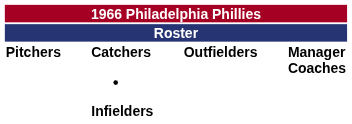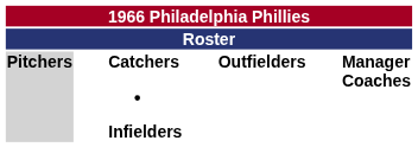 <table class="toccolours" style="font-size: 95%;">
 <tr>
 <th colspan="10" style="background-color: #A50024; color: white; text-align: center;">1966 Philadelphia Phillies</th>
 </tr>
 <tr>
 <td colspan="10" style="background-color: #263473; color: white; text-align: center;"><strong>Roster</strong></td>
 </tr>
 <tr>
-<td valign="top"><strong>Pitchers</strong><br>                  </td>
+<td valign="top" style="background: lightgrey;"><strong>Pitchers</strong><br>                  </td>
 <td width="25px"></td>
 <td valign="top"><strong>Catchers</strong><br> <ul><li></li></ul><strong>Infielders</strong>        </td>
 <td width="25px"></td>
 <td valign="top"><strong>Outfielders</strong><br>       </td>
 <td width="25px"></td>
 <td valign="top"><strong>Manager</strong><br> <strong>Coaches</strong>    </td>
 </tr>
 <tr>
 </tr>
 </table>
